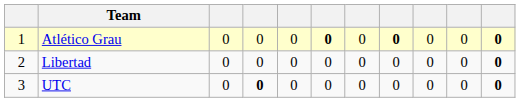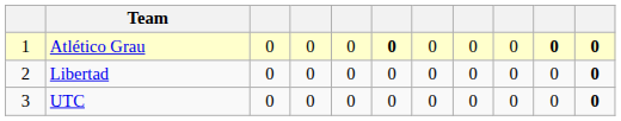 <table class="wikitable" style="text-align:center;">
 <tr>
 <th width="30"></th>
 <th width="180">Team</th>
 <th width="30"></th>
 <th width="30"></th>
 <th width="30"></th>
 <th width="30"></th>
 <th width="30"></th>
 <th width="30"></th>
 <th width="30"></th>
 <th width="30"></th>
 <th width="30"></th>
 </tr>
 <tr bgcolor=ffffcc>
 <td>1</td>
 <td align=left><a href='#'>Atlético Grau</a></td>
 <td>0</td>
 <td>0</td>
 <td>0</td>
 <td><strong>0</strong></td>
 <td>0</td>
-<td><strong>0</strong></td>
 <td>0</td>
 <td>0</td>
+<td><strong>0</strong></td>
 <td><strong>0</strong></td>
 </tr>
 <tr bgcolor=>
 <td>2</td>
 <td align=left><a href='#'>Libertad</a></td>
 <td>0</td>
 <td>0</td>
 <td>0</td>
 <td>0</td>
 <td>0</td>
 <td>0</td>
 <td>0</td>
 <td>0</td>
 <td><strong>0</strong></td>
 </tr>
 <tr bgcolor=>
 <td>3</td>
 <td align=left><a href='#'>UTC</a></td>
 <td>0</td>
-<td><strong>0</strong></td>
+<td>0</td>
 <td>0</td>
 <td>0</td>
 <td>0</td>
 <td>0</td>
 <td>0</td>
 <td>0</td>
 <td><strong>0</strong></td>
 </tr>
 </table>
